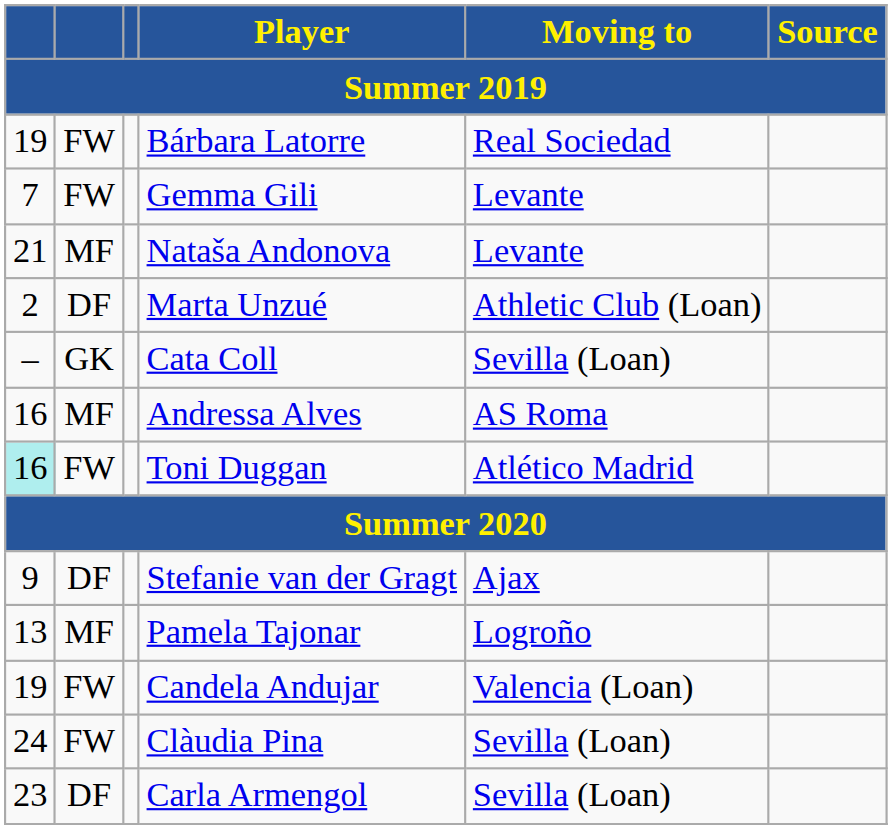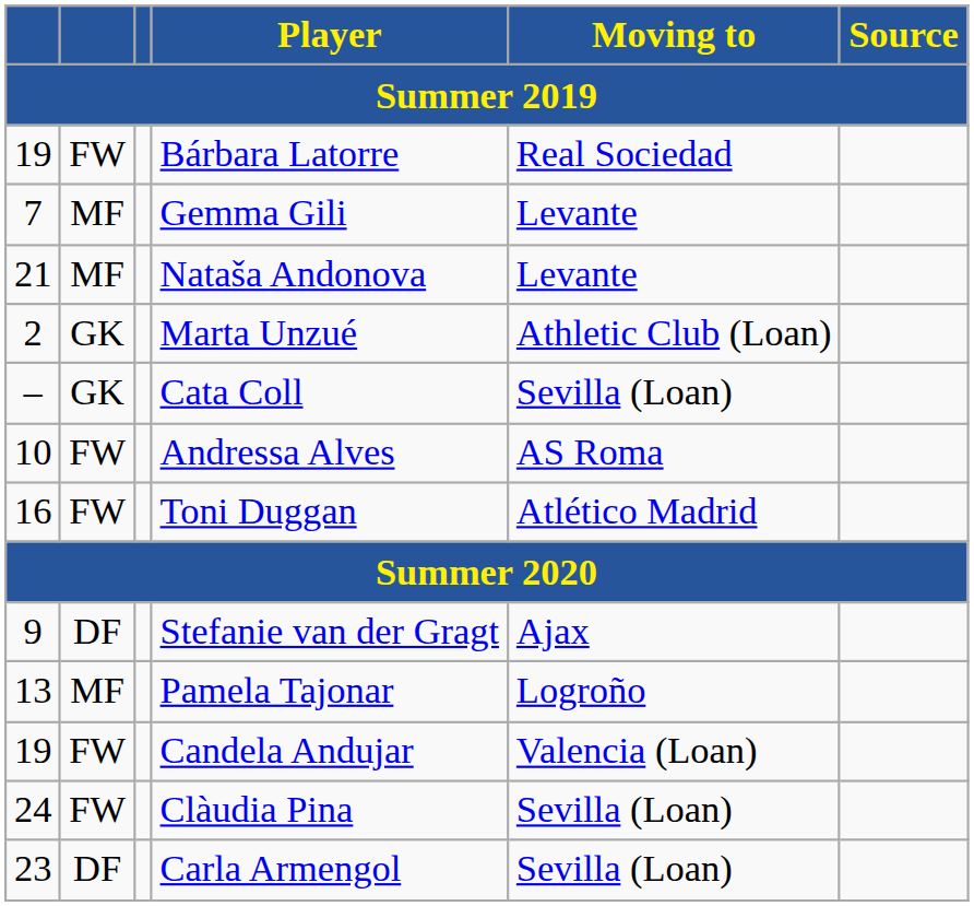 <table class="wikitable plainrowheaders sortable" style="text-align:center">
 <tr>
 <th style="background:#26559B; color:#FFF000; "></th>
 <th style="background:#26559B; color:#FFF000; "></th>
 <th style="background:#26559B; color:#FFF000; "></th>
 <th style="background:#26559B; color:#FFF000; ">Player</th>
 <th style="background:#26559B; color:#FFF000; ">Moving to</th>
 <th style="background:#26559B; color:#FFF000; ">Source</th>
 </tr>
 <tr>
 <th colspan=8 style="background:#26559B; color:#FFF000; ">Summer 2019</th>
 </tr>
 <tr>
 <td>19</td>
 <td>FW</td>
 <td></td>
 <td align=left><a href='#'>Bárbara Latorre</a></td>
 <td align="left"><a href='#'>Real Sociedad</a></td>
 <td></td>
 </tr>
 <tr>
 <td>7</td>
-<td>FW</td>
+<td>MF</td>
 <td></td>
 <td align=left><a href='#'>Gemma Gili</a></td>
 <td align=left><a href='#'>Levante</a></td>
 <td></td>
 </tr>
 <tr>
 <td>21</td>
 <td>MF</td>
 <td></td>
 <td align="left"><a href='#'>Nataša Andonova</a></td>
 <td align="left"><a href='#'>Levante</a></td>
 <td></td>
 </tr>
 <tr>
 <td>2</td>
-<td>DF</td>
+<td>GK</td>
 <td></td>
 <td align=left><a href='#'>Marta Unzué</a></td>
 <td align=left><a href='#'>Athletic Club</a> (Loan)</td>
 <td></td>
 </tr>
 <tr>
 <td>–</td>
 <td>GK</td>
 <td></td>
 <td align=left><a href='#'>Cata Coll</a></td>
 <td align=left><a href='#'>Sevilla</a> (Loan)</td>
 <td></td>
 </tr>
 <tr>
-<td>16</td>
-<td>MF</td>
+<td>10</td>
+<td>FW</td>
 <td></td>
 <td align=left><a href='#'>Andressa Alves</a></td>
 <td align=left> <a href='#'>AS Roma</a></td>
 <td></td>
 </tr>
 <tr>
-<td style="background: paleturquoise;">16</td>
+<td>16</td>
 <td>FW</td>
 <td></td>
 <td align="left"><a href='#'>Toni Duggan</a></td>
 <td align="left"><a href='#'>Atlético Madrid</a></td>
 <td></td>
 </tr>
 <tr>
 <th colspan=8 style="background:#26559B; color:#FFF000; ">Summer 2020</th>
 </tr>
 <tr>
 <td>9</td>
 <td>DF</td>
 <td></td>
 <td align="left"><a href='#'>Stefanie van der Gragt</a></td>
 <td align="left"> <a href='#'>Ajax</a></td>
 <td></td>
 </tr>
 <tr>
 <td>13</td>
 <td>MF</td>
 <td></td>
 <td align="left"><a href='#'>Pamela Tajonar</a></td>
 <td align="left"><a href='#'>Logroño</a></td>
 <td></td>
 </tr>
 <tr>
 <td>19</td>
 <td>FW</td>
 <td></td>
 <td align="left"><a href='#'>Candela Andujar</a></td>
 <td align="left"><a href='#'>Valencia</a> (Loan)</td>
 <td></td>
 </tr>
 <tr>
 <td>24</td>
 <td>FW</td>
 <td></td>
 <td align="left"><a href='#'>Clàudia Pina</a></td>
 <td align="left"><a href='#'>Sevilla</a> (Loan)</td>
 <td></td>
 </tr>
 <tr>
 <td>23</td>
 <td>DF</td>
 <td></td>
 <td align="left"><a href='#'>Carla Armengol</a></td>
 <td align="left"><a href='#'>Sevilla</a> (Loan)</td>
 <td></td>
 </tr>
 <tr>
 </tr>
 </table>
